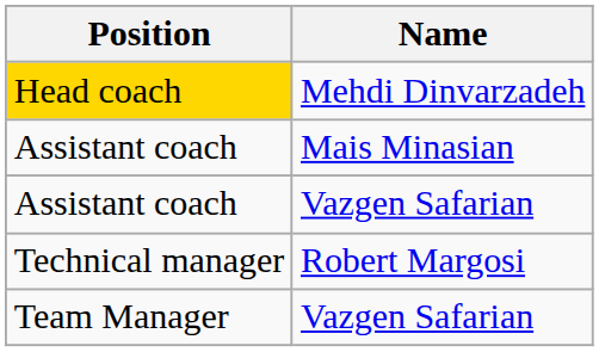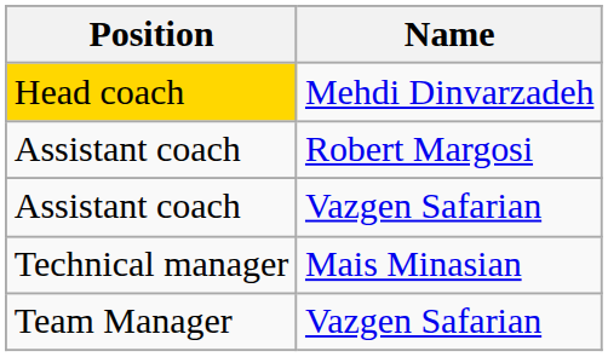 <table class="wikitable">
 <tr>
 <th>Position</th>
 <th>Name</th>
 </tr>
 <tr>
 <td style="background: gold;">Head coach</td>
 <td> <a href='#'>Mehdi Dinvarzadeh</a></td>
 </tr>
 <tr>
 <td>Assistant coach</td>
-<td> <a href='#'>Mais Minasian</a></td>
+<td> <a href='#'>Robert Margosi</a></td>
 </tr>
 <tr>
 <td>Assistant coach</td>
 <td> <a href='#'>Vazgen Safarian</a></td>
 </tr>
 <tr>
 <td>Technical manager</td>
-<td> <a href='#'>Robert Margosi</a></td>
+<td> <a href='#'>Mais Minasian</a></td>
 </tr>
 <tr>
 <td>Team Manager</td>
 <td> <a href='#'>Vazgen Safarian</a></td>
 </tr>
 </table>
